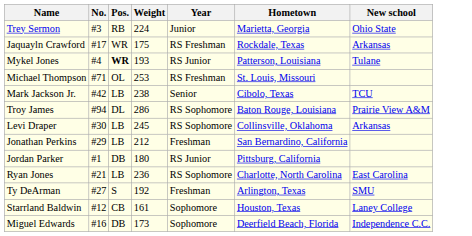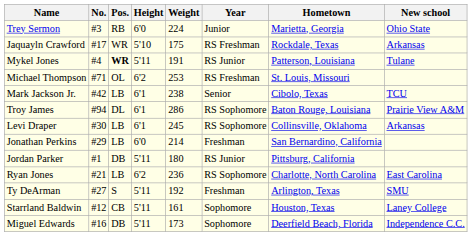 <table class="wikitable sortable">
 <tr>
 <th>Name</th>
 <th>No.</th>
 <th>Pos.</th>
+<th>Height</th>
 <th>Weight</th>
 <th>Year</th>
 <th>Hometown</th>
 <th class="unsortable">New school</th>
 </tr>
 <tr style="background:#FFFFE6;">
 <td><a href='#'>Trey Sermon</a></td>
 <td>#3</td>
 <td>RB</td>
+<td>6'0</td>
 <td>224</td>
 <td>Junior</td>
 <td><a href='#'>Marietta, Georgia</a></td>
 <td><a href='#'>Ohio State</a></td>
 </tr>
 <tr style="background:#FFFFE6;">
 <td>Jaquayln Crawford</td>
 <td>#17</td>
 <td>WR</td>
+<td>5'10</td>
 <td>175</td>
 <td>RS Freshman</td>
 <td><a href='#'>Rockdale, Texas</a></td>
 <td><a href='#'>Arkansas</a></td>
 </tr>
 <tr style="background:#FFFFE6;">
 <td>Mykel Jones</td>
 <td>#4</td>
 <td><strong>WR</strong></td>
-<td>193</td>
+<td>5'11</td>
+<td>191</td>
 <td>RS Junior</td>
 <td><a href='#'>Patterson, Louisiana</a></td>
 <td><a href='#'>Tulane</a></td>
 </tr>
 <tr style="background:#FFFFE6;">
 <td>Michael Thompson</td>
 <td>#71</td>
 <td>OL</td>
+<td>6'2</td>
 <td>253</td>
 <td>RS Freshman</td>
 <td><a href='#'>St. Louis, Missouri</a></td>
 <td></td>
 </tr>
 <tr style="background:#FFFFE6;">
 <td>Mark Jackson Jr.</td>
 <td>#42</td>
 <td>LB</td>
+<td>6'1</td>
 <td>238</td>
 <td>Senior</td>
 <td><a href='#'>Cibolo, Texas</a></td>
 <td><a href='#'>TCU</a></td>
 </tr>
 <tr style="background:#FFFFE6;">
 <td>Troy James</td>
 <td>#94</td>
 <td>DL</td>
+<td>6'1</td>
 <td>286</td>
 <td>RS Sophomore</td>
 <td><a href='#'>Baton Rouge, Louisiana</a></td>
 <td><a href='#'>Prairie View A&M</a></td>
 </tr>
 <tr style="background:#FFFFE6;">
 <td>Levi Draper</td>
 <td>#30</td>
 <td>LB</td>
+<td>6'1</td>
 <td>245</td>
 <td>RS Sophomore</td>
 <td><a href='#'>Collinsville, Oklahoma</a></td>
 <td><a href='#'>Arkansas</a></td>
 </tr>
 <tr style="background:#FFFFE6;">
 <td>Jonathan Perkins</td>
 <td>#29</td>
 <td>LB</td>
-<td>212</td>
+<td>6'0</td>
+<td>214</td>
 <td>Freshman</td>
 <td><a href='#'>San Bernardino, California</a></td>
 <td></td>
 </tr>
 <tr style="background:#FFFFE6;">
 <td>Jordan Parker</td>
 <td>#1</td>
 <td>DB</td>
+<td>5'11</td>
 <td>180</td>
 <td>RS Junior</td>
 <td><a href='#'>Pittsburg, California</a></td>
 <td></td>
 </tr>
 <tr style="background:#FFFFE6;">
 <td>Ryan Jones</td>
 <td>#21</td>
 <td>LB</td>
+<td>6'2</td>
 <td>236</td>
 <td>RS Sophomore</td>
 <td><a href='#'>Charlotte, North Carolina</a></td>
 <td><a href='#'>East Carolina</a></td>
 </tr>
 <tr style="background:#FFFFE6;">
 <td>Ty DeArman</td>
 <td>#27</td>
 <td>S</td>
+<td>5'11</td>
 <td>192</td>
 <td>Freshman</td>
 <td><a href='#'>Arlington, Texas</a></td>
 <td><a href='#'>SMU</a></td>
 </tr>
 <tr style="background:#FFFFE6;">
 <td>Starrland Baldwin</td>
 <td>#12</td>
 <td>CB</td>
+<td>5'11</td>
 <td>161</td>
 <td>Sophomore</td>
 <td><a href='#'>Houston, Texas</a></td>
 <td><a href='#'>Laney College</a></td>
 </tr>
 <tr style="background:#FFFFE6;">
 <td>Miguel Edwards</td>
 <td>#16</td>
 <td>DB</td>
+<td>5'11</td>
 <td>173</td>
 <td>Sophomore</td>
 <td><a href='#'>Deerfield Beach, Florida</a></td>
 <td><a href='#'>Independence C.C.</a></td>
 </tr>
 </table>
